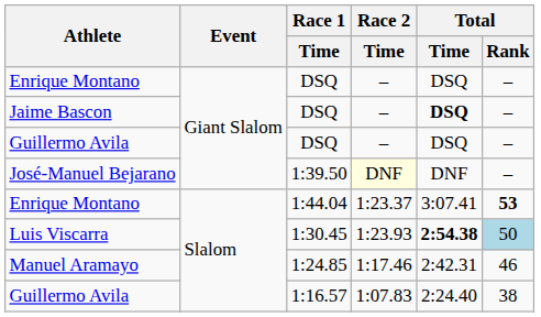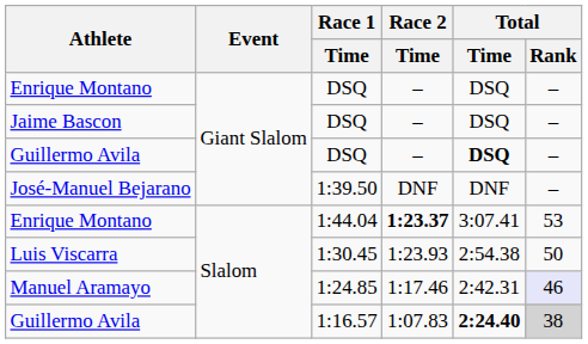 <table class="wikitable" style="font-size:90%">
 <tr>
 <th rowspan="2">Athlete</th>
 <th rowspan="2">Event</th>
 <th>Race 1</th>
 <th>Race 2</th>
 <th colspan="2">Total</th>
 </tr>
 <tr>
 <th>Time</th>
 <th>Time</th>
 <th>Time</th>
 <th>Rank</th>
 </tr>
 <tr>
 <td><a href='#'>Enrique Montano</a></td>
 <td rowspan="4">Giant Slalom</td>
 <td align="center">DSQ</td>
 <td align="center">–</td>
 <td align="center">DSQ</td>
 <td align="center">–</td>
 </tr>
 <tr>
 <td><a href='#'>Jaime Bascon</a></td>
 <td align="center">DSQ</td>
 <td align="center">–</td>
-<td align="center"><strong>DSQ</strong></td>
+<td align="center">DSQ</td>
 <td align="center">–</td>
 </tr>
 <tr>
 <td><a href='#'>Guillermo Avila</a></td>
 <td align="center">DSQ</td>
 <td align="center">–</td>
-<td align="center">DSQ</td>
+<td align="center"><strong>DSQ</strong></td>
 <td align="center">–</td>
 </tr>
 <tr>
 <td><a href='#'>José-Manuel Bejarano</a></td>
 <td align="center">1:39.50</td>
-<td align="center" style="background: lightyellow;">DNF</td>
+<td align="center">DNF</td>
 <td align="center">DNF</td>
 <td align="center">–</td>
 </tr>
 <tr>
 <td><a href='#'>Enrique Montano</a></td>
 <td rowspan="4">Slalom</td>
 <td align="center">1:44.04</td>
-<td align="center">1:23.37</td>
+<td align="center"><strong>1:23.37</strong></td>
 <td align="center">3:07.41</td>
-<td align="center"><strong>53</strong></td>
+<td align="center">53</td>
 </tr>
 <tr>
 <td><a href='#'>Luis Viscarra</a></td>
 <td align="center">1:30.45</td>
 <td align="center">1:23.93</td>
-<td align="center"><strong>2:54.38</strong></td>
-<td align="center" style="background: lightblue;">50</td>
+<td align="center">2:54.38</td>
+<td align="center">50</td>
 </tr>
 <tr>
 <td><a href='#'>Manuel Aramayo</a></td>
 <td align="center">1:24.85</td>
 <td align="center">1:17.46</td>
 <td align="center">2:42.31</td>
-<td align="center">46</td>
+<td align="center" style="background: lavender;">46</td>
 </tr>
 <tr>
 <td><a href='#'>Guillermo Avila</a></td>
 <td align="center">1:16.57</td>
 <td align="center">1:07.83</td>
-<td align="center">2:24.40</td>
-<td align="center">38</td>
+<td align="center"><strong>2:24.40</strong></td>
+<td align="center" style="background: lightgrey;">38</td>
 </tr>
 </table>
